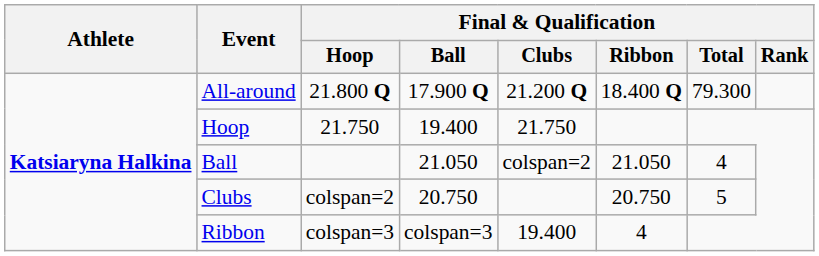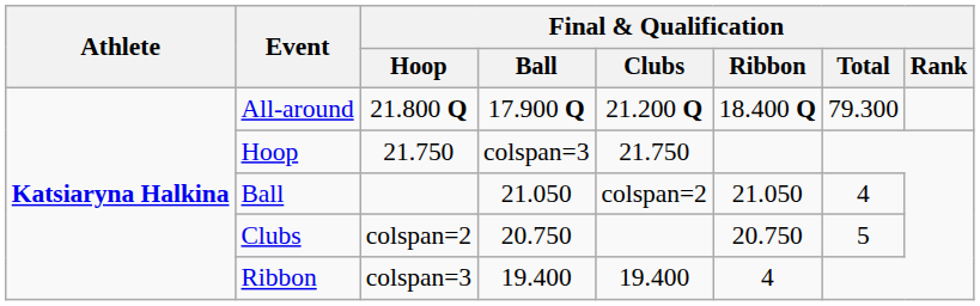 <table class="wikitable" style="text-align:center; font-size:90%">
 <tr>
 <th rowspan=2>Athlete</th>
 <th rowspan=2>Event</th>
 <th colspan=6>Final & Qualification</th>
 </tr>
 <tr style="font-size:95%">
 <th>Hoop</th>
 <th>Ball</th>
 <th>Clubs</th>
 <th>Ribbon</th>
 <th>Total</th>
 <th>Rank</th>
 </tr>
 <tr>
 <td rowspan=5 align=left><strong><a href='#'>Katsiaryna Halkina</a></strong></td>
 <td align=left><a href='#'>All-around</a></td>
 <td>21.800 <strong>Q</strong></td>
 <td>17.900 <strong>Q</strong></td>
 <td>21.200 <strong>Q</strong></td>
 <td>18.400 <strong>Q</strong></td>
 <td>79.300</td>
 <td></td>
 </tr>
 <tr>
 <td align=left><a href='#'>Hoop</a></td>
 <td>21.750</td>
-<td>19.400</td>
+<td>colspan=3 </td>
 <td>21.750</td>
 <td></td>
 </tr>
 <tr>
 <td align=left><a href='#'>Ball</a></td>
 <td></td>
 <td>21.050</td>
 <td>colspan=2 </td>
 <td>21.050</td>
 <td>4</td>
 </tr>
 <tr>
 <td align=left><a href='#'>Clubs</a></td>
 <td>colspan=2 </td>
 <td>20.750</td>
 <td></td>
 <td>20.750</td>
 <td>5</td>
 </tr>
 <tr>
 <td align=left><a href='#'>Ribbon</a></td>
 <td>colspan=3 </td>
-<td>colspan=3 </td>
+<td>19.400</td>
 <td>19.400</td>
 <td>4</td>
 </tr>
 </table>
